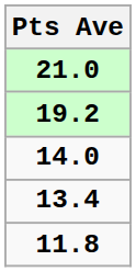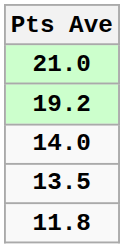 <table class="wikitable" style="text-align: center;">
 <tr>
 <th>Pts Ave</th>
 </tr>
 <tr>
 <td style="background:#ccffcc;"><strong>21.0</strong></td>
 </tr>
 <tr>
 <td style="background:#ccffcc;"><strong>19.2</strong></td>
 </tr>
 <tr>
 <td><strong>14.0</strong></td>
 </tr>
 <tr>
-<td><strong>13.4</strong></td>
+<td><strong>13.5</strong></td>
 </tr>
 <tr>
 <td><strong>11.8</strong></td>
 </tr>
 </table>
